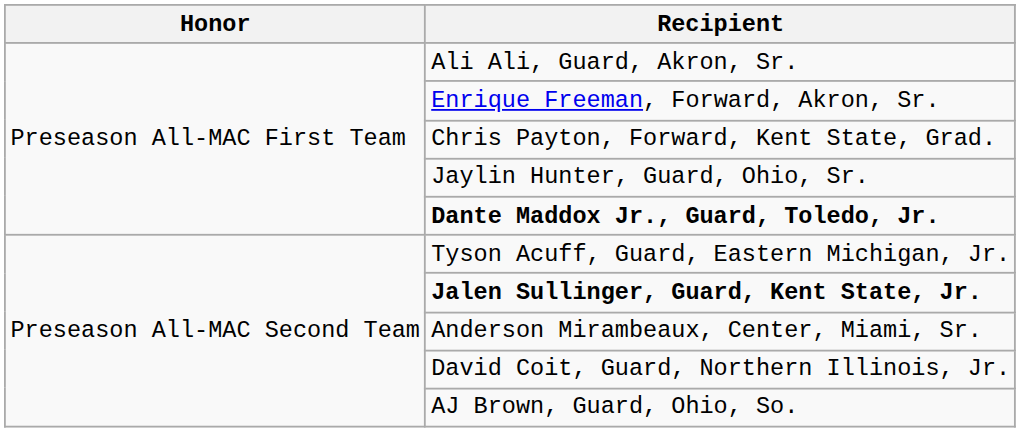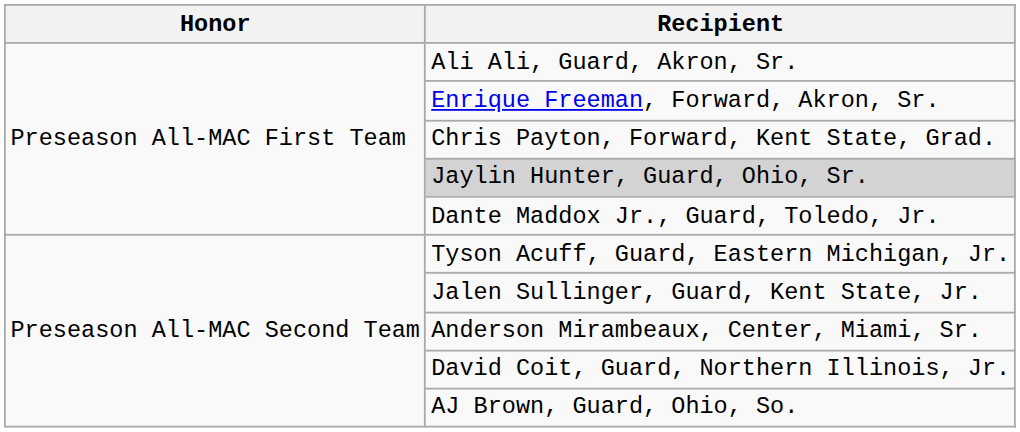 <table class="wikitable" border="1">
 <tr>
 <th>Honor</th>
 <th>Recipient</th>
 </tr>
 <tr>
 <td rowspan=5 valign=middle>Preseason All-MAC First Team</td>
 <td>Ali Ali, Guard, Akron, Sr.</td>
 </tr>
 <tr>
 <td><a href='#'>Enrique Freeman</a>, Forward, Akron, Sr.</td>
 </tr>
 <tr>
 <td>Chris Payton, Forward, Kent State, Grad.</td>
 </tr>
 <tr>
-<td>Jaylin Hunter, Guard, Ohio, Sr.</td>
+<td style="background: lightgrey;">Jaylin Hunter, Guard, Ohio, Sr.</td>
 </tr>
 <tr>
-<td><strong>Dante Maddox Jr., Guard, Toledo, Jr.</strong></td>
+<td>Dante Maddox Jr., Guard, Toledo, Jr.</td>
 </tr>
 <tr>
 <td rowspan=6 valign=middle>Preseason All-MAC Second Team</td>
 <td>Tyson Acuff, Guard, Eastern Michigan, Jr.</td>
 </tr>
 <tr>
-<td><strong>Jalen Sullinger, Guard, Kent State, Jr.</strong></td>
+<td>Jalen Sullinger, Guard, Kent State, Jr.</td>
 </tr>
 <tr>
 <td>Anderson Mirambeaux, Center, Miami, Sr.</td>
 </tr>
 <tr>
 <td>David Coit, Guard, Northern Illinois, Jr.</td>
 </tr>
 <tr>
 <td>AJ Brown, Guard, Ohio, So.</td>
 </tr>
 </table>
